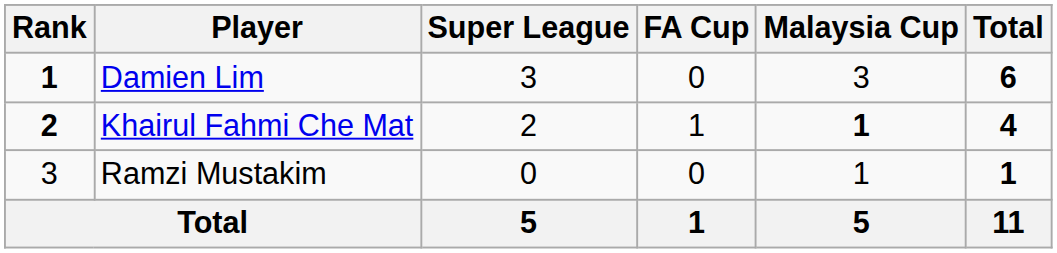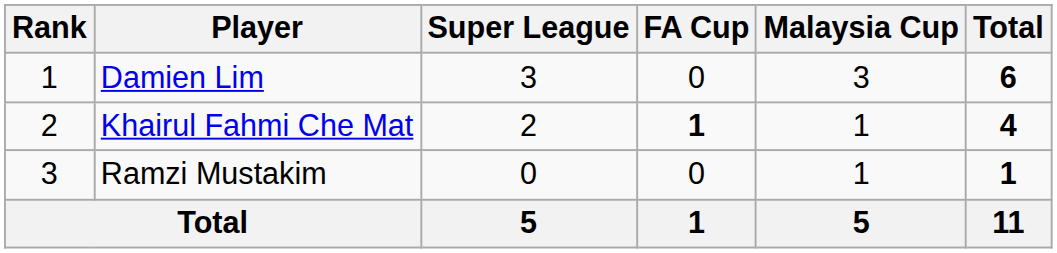 <table class="wikitable" style="text-align: center;">
 <tr>
 <th>Rank</th>
 <th>Player</th>
 <th>Super League</th>
 <th>FA Cup</th>
 <th>Malaysia Cup</th>
 <th>Total</th>
 </tr>
 <tr>
-<td rowspan=1><strong>1</strong></td>
+<td rowspan=1>1</td>
 <td align=left> <a href='#'>Damien Lim</a></td>
 <td>3</td>
 <td>0</td>
 <td>3</td>
 <td rowspan=1><strong>6</strong></td>
 </tr>
 <tr>
-<td rowspan=1><strong>2</strong></td>
+<td rowspan=1>2</td>
 <td align=left> <a href='#'>Khairul Fahmi Che Mat</a></td>
 <td>2</td>
+<td><strong>1</strong></td>
 <td>1</td>
-<td><strong>1</strong></td>
 <td rowspan=1><strong>4</strong></td>
 </tr>
 <tr>
 <td rowspan=1>3</td>
 <td align=left> Ramzi Mustakim</td>
 <td>0</td>
 <td>0</td>
 <td>1</td>
 <td rowspan=1><strong>1</strong></td>
 </tr>
 <tr>
 <th colspan=2>Total</th>
 <th>5</th>
 <th>1</th>
 <th>5</th>
 <th>11</th>
 </tr>
 </table>
